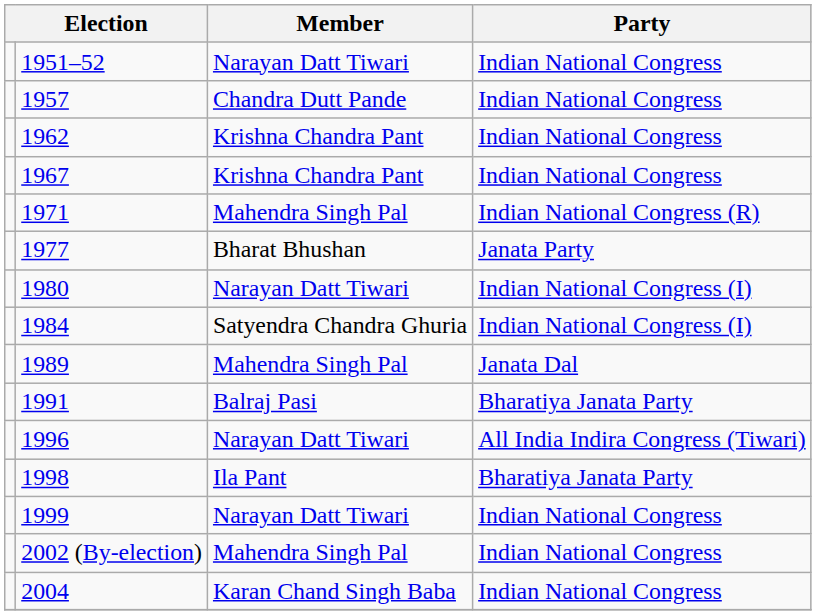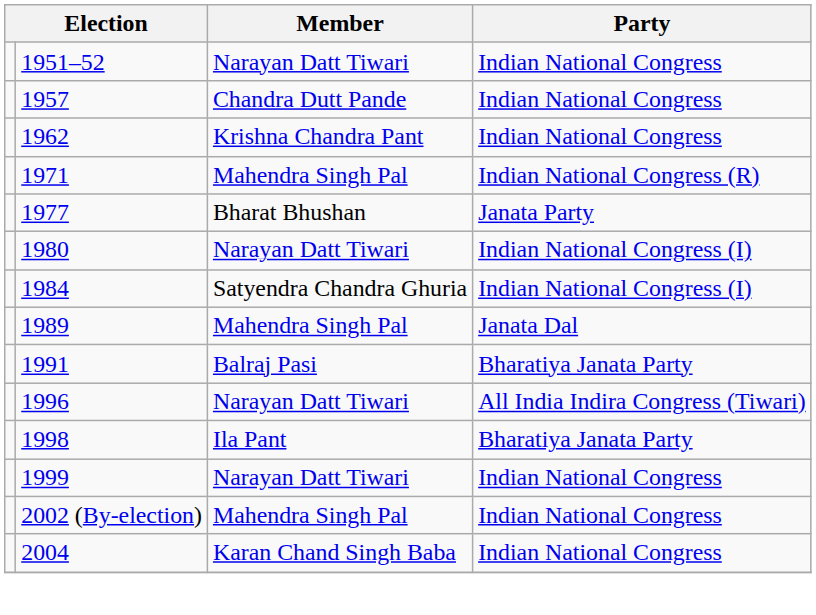 <table class="wikitable sortable" style="font-size: x-big; font-family: verdana">
 <tr>
 <th colspan="2">Election</th>
 <th>Member</th>
 <th>Party</th>
 </tr>
 <tr>
 <td style="background-color: "></td>
 <td><a href='#'>1951–52</a></td>
 <td><a href='#'>Narayan Datt Tiwari</a></td>
 <td><a href='#'>Indian National Congress</a></td>
 </tr>
 <tr>
 <td style="background-color: "></td>
 <td><a href='#'>1957</a></td>
 <td><a href='#'>Chandra Dutt Pande</a></td>
 <td><a href='#'>Indian National Congress</a></td>
 </tr>
 <tr>
 <td style="background-color: "></td>
 <td><a href='#'>1962</a></td>
-<td><a href='#'>Krishna Chandra Pant</a></td>
-<td><a href='#'>Indian National Congress</a></td>
-</tr>
-<tr>
-<td style="background-color: "></td>
-<td><a href='#'>1967</a></td>
 <td><a href='#'>Krishna Chandra Pant</a></td>
 <td><a href='#'>Indian National Congress</a></td>
 </tr>
 <tr>
 <td style="background-color: "></td>
 <td><a href='#'>1971</a></td>
 <td><a href='#'>Mahendra Singh Pal</a></td>
 <td><a href='#'>Indian National Congress (R)</a></td>
 </tr>
 <tr>
 <td style="background-color: "></td>
 <td><a href='#'>1977</a></td>
 <td>Bharat Bhushan</td>
 <td><a href='#'>Janata Party</a></td>
 </tr>
 <tr>
 <td style="background-color: "></td>
 <td><a href='#'>1980</a></td>
 <td><a href='#'>Narayan Datt Tiwari</a></td>
 <td><a href='#'>Indian National Congress (I)</a></td>
 </tr>
 <tr>
 <td style="background-color: "></td>
 <td><a href='#'>1984</a></td>
 <td>Satyendra Chandra Ghuria</td>
 <td><a href='#'>Indian National Congress (I)</a></td>
 </tr>
 <tr>
 <td style="background-color: "></td>
 <td><a href='#'>1989</a></td>
 <td><a href='#'>Mahendra Singh Pal</a></td>
 <td><a href='#'>Janata Dal</a></td>
 </tr>
 <tr>
 <td style="background-color: "></td>
 <td><a href='#'>1991</a></td>
 <td><a href='#'>Balraj Pasi</a></td>
 <td><a href='#'>Bharatiya Janata Party</a></td>
 </tr>
 <tr>
 <td style="background-color: "></td>
 <td><a href='#'>1996</a></td>
 <td><a href='#'>Narayan Datt Tiwari</a></td>
 <td><a href='#'>All India Indira Congress (Tiwari)</a></td>
 </tr>
 <tr>
 <td style="background-color: "></td>
 <td><a href='#'>1998</a></td>
 <td><a href='#'>Ila Pant</a></td>
 <td><a href='#'>Bharatiya Janata Party</a></td>
 </tr>
 <tr>
 <td style="background-color: "></td>
 <td><a href='#'>1999</a></td>
 <td><a href='#'>Narayan Datt Tiwari</a></td>
 <td><a href='#'>Indian National Congress</a></td>
 </tr>
 <tr>
 <td style="background-color: "></td>
 <td><a href='#'>2002</a> (<a href='#'>By-election</a>)</td>
 <td><a href='#'>Mahendra Singh Pal</a></td>
 <td><a href='#'>Indian National Congress</a></td>
 </tr>
 <tr>
 <td style="background-color: "></td>
 <td><a href='#'>2004</a></td>
 <td><a href='#'>Karan Chand Singh Baba</a></td>
 <td><a href='#'>Indian National Congress</a></td>
 </tr>
 <tr>
 </tr>
 </table>
